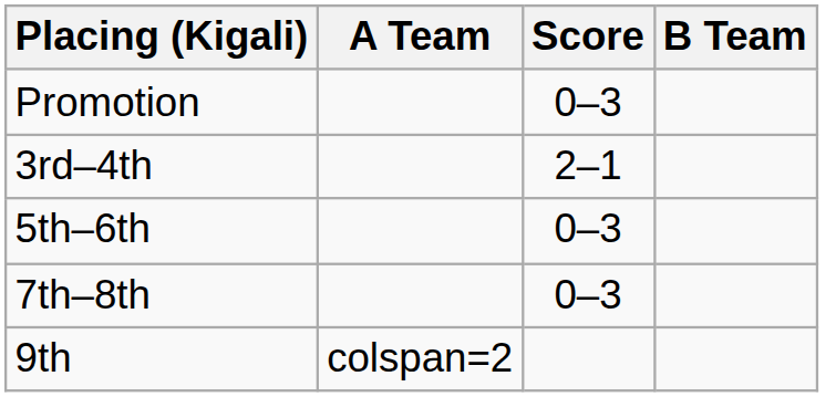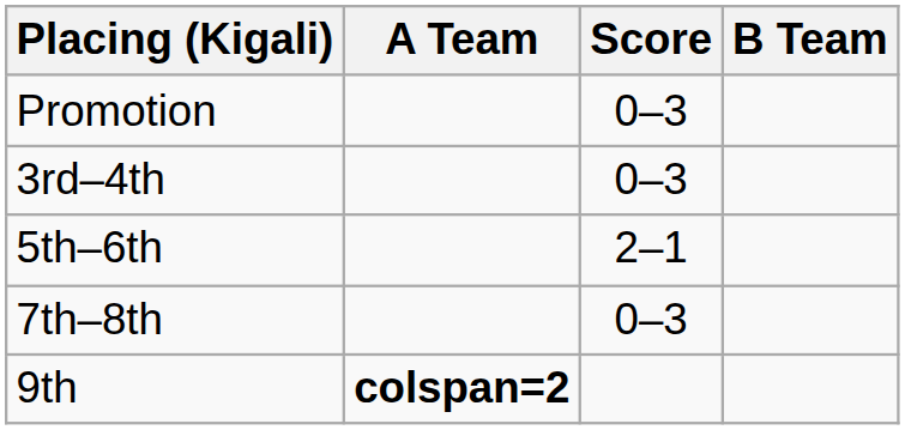 <table class=wikitable style="border:1px solid #AAAAAA;">
 <tr>
 <th>Placing (Kigali)</th>
 <th>A Team</th>
 <th>Score</th>
 <th>B Team</th>
 </tr>
 <tr>
 <td>Promotion</td>
 <td></td>
 <td align="center">0–3</td>
 <td><strong></strong></td>
 </tr>
 <tr>
 <td>3rd–4th</td>
 <td></td>
-<td align="center">2–1</td>
+<td align="center">0–3</td>
 <td><strong></strong></td>
 </tr>
 <tr>
 <td>5th–6th</td>
 <td><strong></strong></td>
-<td align="center">0–3</td>
+<td align="center">2–1</td>
 <td></td>
 </tr>
 <tr>
 <td>7th–8th</td>
 <td></td>
 <td align="center">0–3</td>
 <td><strong></strong></td>
 </tr>
 <tr>
 <td>9th</td>
-<td>colspan=2 </td>
+<td><strong>colspan=2 </strong></td>
 <td></td>
 </tr>
 </table>
